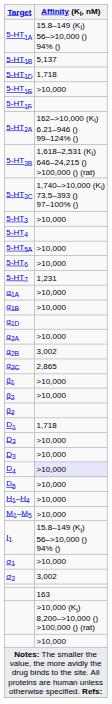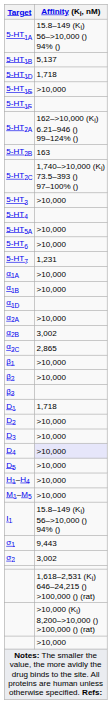 <table class="wikitable floatleft" style="font-size:small;">
 <tr>
 <th><a href='#'>Target</a></th>
 <th><a href='#'>Affinity</a> (K<sub>i</sub>, nM)</th>
 </tr>
 <tr>
 <td><a href='#'>5-HT<sub>1A</sub></a></td>
 <td>15.8–149 (K<sub>i</sub>)<br>56–>10,000 ()<br>94% ()</td>
 </tr>
 <tr>
 <td><a href='#'>5-HT<sub>1B</sub></a></td>
 <td>5,137</td>
 </tr>
 <tr>
 <td><a href='#'>5-HT<sub>1D</sub></a></td>
 <td>1,718</td>
 </tr>
 <tr>
 <td><a href='#'>5-HT<sub>1E</sub></a></td>
 <td>>10,000</td>
 </tr>
 <tr>
 <td><a href='#'>5-HT<sub>1F</sub></a></td>
 <td></td>
 </tr>
 <tr>
 <td><a href='#'>5-HT<sub>2A</sub></a></td>
 <td>162–>10,000 (K<sub>i</sub>)<br>6.21–946 ()<br>99–124% ()</td>
 </tr>
 <tr>
 <td><a href='#'>5-HT<sub>2B</sub></a></td>
-<td>1,618–2,531 (K<sub>i</sub>)<br>646–24,215 ()<br>>100,000 () (rat)</td>
+<td>163</td>
 </tr>
 <tr>
 <td><a href='#'>5-HT<sub>2C</sub></a></td>
 <td>1,740–>10,000 (K<sub>i</sub>)<br>73.5–393 ()<br>97–100% ()</td>
 </tr>
 <tr>
 <td><a href='#'>5-HT<sub>3</sub></a></td>
 <td>>10,000</td>
 </tr>
 <tr>
 <td><a href='#'>5-HT<sub>4</sub></a></td>
 <td></td>
 </tr>
 <tr>
 <td><a href='#'>5-HT<sub>5A</sub></a></td>
 <td>>10,000</td>
 </tr>
 <tr>
 <td><a href='#'>5-HT<sub>6</sub></a></td>
 <td>>10,000</td>
 </tr>
 <tr>
 <td><a href='#'>5-HT<sub>7</sub></a></td>
 <td>1,231</td>
 </tr>
 <tr>
 <td><a href='#'>α<sub>1A</sub></a></td>
 <td>>10,000</td>
 </tr>
 <tr>
 <td><a href='#'>α<sub>1B</sub></a></td>
 <td>>10,000</td>
 </tr>
 <tr>
 <td><a href='#'>α<sub>1D</sub></a></td>
 <td></td>
 </tr>
 <tr>
 <td><a href='#'>α<sub>2A</sub></a></td>
 <td>>10,000</td>
 </tr>
 <tr>
 <td><a href='#'>α<sub>2B</sub></a></td>
 <td>3,002</td>
 </tr>
 <tr>
 <td><a href='#'>α<sub>2C</sub></a></td>
 <td>2,865</td>
 </tr>
 <tr>
 <td><a href='#'>β<sub>1</sub></a></td>
 <td>>10,000</td>
 </tr>
 <tr>
 <td><a href='#'>β<sub>2</sub></a></td>
 <td>>10,000</td>
 </tr>
 <tr>
 <td><a href='#'>β<sub>3</sub></a></td>
 <td></td>
 </tr>
 <tr>
 <td><a href='#'>D<sub>1</sub></a></td>
 <td>1,718</td>
 </tr>
 <tr>
 <td><a href='#'>D<sub>2</sub></a></td>
 <td>>10,000</td>
 </tr>
 <tr>
 <td><a href='#'>D<sub>3</sub></a></td>
 <td>>10,000</td>
 </tr>
 <tr>
 <td><a href='#'>D<sub>4</sub></a></td>
 <td style="background: lavender;">>10,000</td>
 </tr>
 <tr>
 <td><a href='#'>D<sub>5</sub></a></td>
 <td>>10,000</td>
 </tr>
 <tr>
 <td><a href='#'>H<sub>1</sub></a>–<a href='#'>H<sub>4</sub></a></td>
 <td>>10,000</td>
 </tr>
 <tr>
 <td><a href='#'>M<sub>1</sub></a>–<a href='#'>M<sub>5</sub></a></td>
 <td>>10,000</td>
 </tr>
 <tr>
 <td><a href='#'>I<sub>1</sub></a></td>
 <td>15.8–149 (K<sub>i</sub>)<br>56–>10,000 ()<br>94% ()</td>
 </tr>
 <tr>
 <td><a href='#'>σ<sub>1</sub></a></td>
-<td>>10,000</td>
+<td>9,443</td>
 </tr>
 <tr>
 <td><a href='#'>σ<sub>2</sub></a></td>
 <td>3,002</td>
 </tr>
 <tr>
 <td></td>
 <td></td>
 </tr>
 <tr>
 <td></td>
-<td>163</td>
+<td>1,618–2,531 (K<sub>i</sub>)<br>646–24,215 ()<br>>100,000 () (rat)</td>
 </tr>
 <tr>
 <td></td>
 <td>>10,000 (K<sub>i</sub>)<br>8,200–>10,000 ()<br>>100,000 () (rat)</td>
 </tr>
 <tr>
 <td></td>
 <td>>10,000</td>
 </tr>
 <tr class="sortbottom">
 <td colspan="2" style="width: 1px; background-color:#eaecf0; text-align: center;"><strong>Notes:</strong> The smaller the value, the more avidly the drug binds to the site. All proteins are human unless otherwise specified. <strong>Refs:</strong> </td>
 </tr>
 </table>
